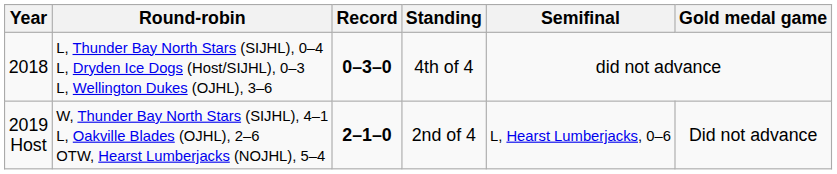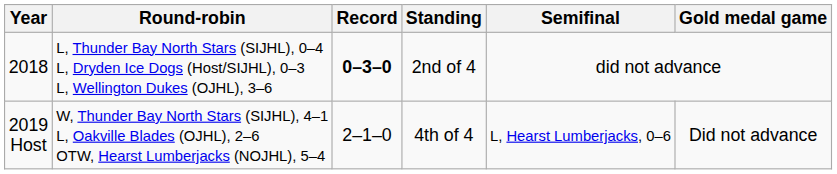 <table class="wikitable" style="text-align:center">
 <tr>
 <th>Year</th>
 <th>Round-robin</th>
 <th>Record</th>
 <th>Standing</th>
 <th>Semifinal</th>
 <th>Gold medal game</th>
 </tr>
 <tr>
 <td>2018</td>
 <td align=left><small>L, <a href='#'>Thunder Bay North Stars</a> (SIJHL), 0–4<br>L, <a href='#'>Dryden Ice Dogs</a> (Host/SIJHL), 0–3<br>L, <a href='#'>Wellington Dukes</a> (OJHL), 3–6</small></td>
 <td><strong>0–3–0</strong></td>
-<td>4th of 4</td>
+<td>2nd of 4</td>
 <td colspan=2>did not advance</td>
 </tr>
 <tr>
 <td>2019<br>Host</td>
 <td align=left><small>W, <a href='#'>Thunder Bay North Stars</a> (SIJHL), 4–1<br>L, <a href='#'>Oakville Blades</a> (OJHL), 2–6<br>OTW, <a href='#'>Hearst Lumberjacks</a> (NOJHL), 5–4</small></td>
-<td><strong>2–1–0</strong></td>
-<td>2nd of 4</td>
+<td>2–1–0</td>
+<td>4th of 4</td>
 <td><small>L, <a href='#'>Hearst Lumberjacks</a>, 0–6</small></td>
 <td>Did not advance</td>
 </tr>
 </table>
